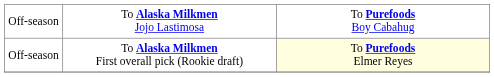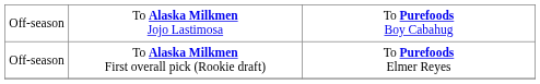 <table border="1" style="border-collapse:collapse; text-align: center" cellpadding="5">
 <tr>
 <td style="width:12%">Off-season</td>
 <td style="width:44%" valign="top">To <strong><a href='#'>Alaska Milkmen</a></strong><br><a href='#'>Jojo Lastimosa</a></td>
 <td style="width:44%" valign="top">To <strong><a href='#'>Purefoods</a></strong><br><a href='#'>Boy Cabahug</a></td>
 </tr>
 <tr>
 <td style="width:12%">Off-season</td>
 <td style="width:44%" valign="top">To <strong><a href='#'>Alaska Milkmen</a></strong><br>First overall pick (Rookie draft)</td>
-<td style="background: lightyellow; width:44%" valign="top">To <strong><a href='#'>Purefoods</a></strong><br>Elmer Reyes</td>
+<td style="width:44%" valign="top">To <strong><a href='#'>Purefoods</a></strong><br>Elmer Reyes</td>
 </tr>
 <tr>
 </tr>
 </table>
